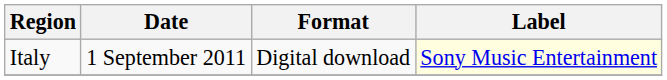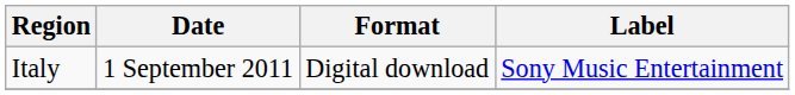 <table class=wikitable>
 <tr>
 <th scope="col">Region</th>
 <th scope="col">Date</th>
 <th scope="col">Format</th>
 <th scope="col">Label</th>
 </tr>
 <tr>
 <td>Italy</td>
 <td>1 September 2011</td>
 <td>Digital download</td>
-<td style="background: lightyellow;"><a href='#'>Sony Music Entertainment</a></td>
+<td><a href='#'>Sony Music Entertainment</a></td>
 </tr>
 <tr>
 </tr>
 </table>
